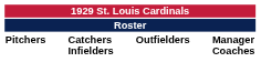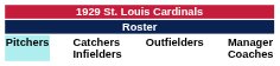 <table class="toccolours" style="font-size: 95%;">
 <tr>
 <th colspan="10" style="background-color: #c41c3a; color: white; text-align: center;">1929 St. Louis Cardinals</th>
 </tr>
 <tr>
 <td colspan="10" style="background-color: #0a2252; color: white; text-align: center;"><strong>Roster</strong></td>
 </tr>
 <tr>
-<td valign="top"><strong>Pitchers</strong><br>              </td>
+<td valign="top" style="background: paleturquoise;"><strong>Pitchers</strong><br>              </td>
 <td width="25px"></td>
 <td valign="top"><strong>Catchers</strong><br>   <strong>Infielders</strong>        </td>
 <td width="25px"></td>
 <td valign="top"><strong>Outfielders</strong><br>     </td>
 <td width="25px"></td>
 <td valign="top"><strong>Manager</strong><br>   <strong>Coaches</strong> </td>
 </tr>
 </table>
